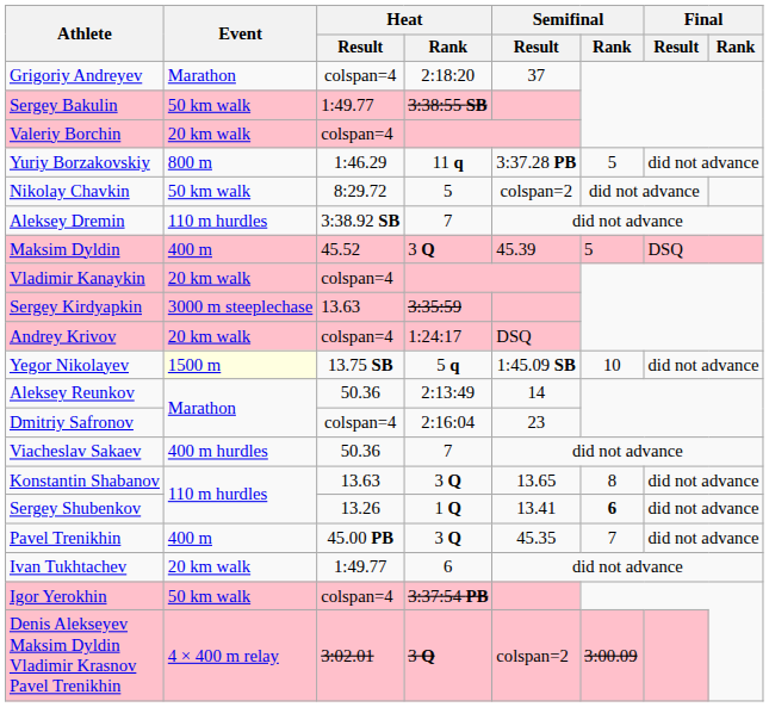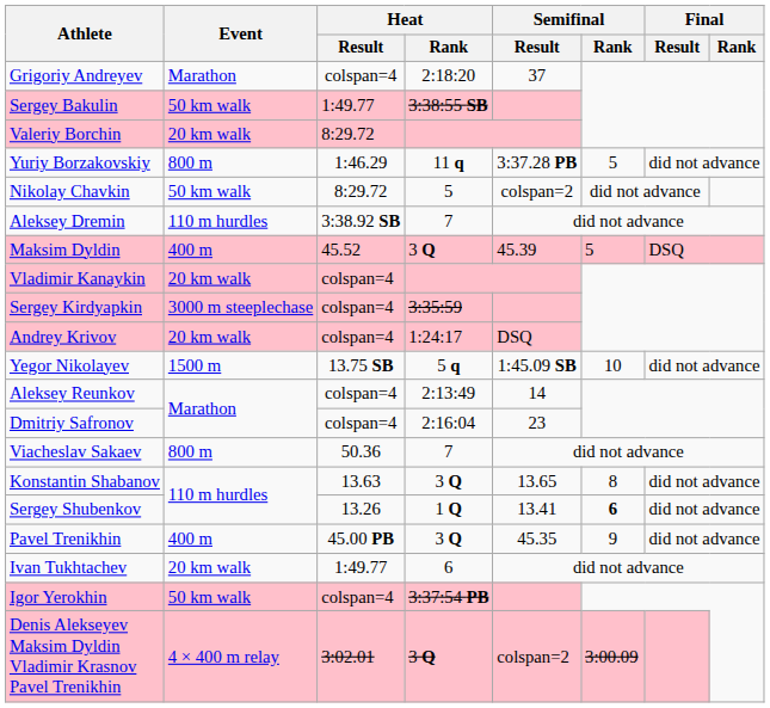 <table class="wikitable" style="font-size:90%">
 <tr>
 <th rowspan="2">Athlete</th>
 <th rowspan="2">Event</th>
 <th colspan="2">Heat</th>
 <th colspan="2">Semifinal</th>
 <th colspan="2">Final</th>
 </tr>
 <tr style="font-size:95%">
 <th>Result</th>
 <th>Rank</th>
 <th>Result</th>
 <th>Rank</th>
 <th>Result</th>
 <th>Rank</th>
 </tr>
 <tr align=center>
 <td align=left><a href='#'>Grigoriy Andreyev</a></td>
 <td align=left><a href='#'>Marathon</a></td>
 <td>colspan=4 </td>
 <td>2:18:20</td>
 <td>37</td>
 </tr>
 <tr bgcolor=pink>
 <td align=left><a href='#'>Sergey Bakulin</a></td>
 <td align=left><a href='#'>50 km walk</a></td>
 <td>1:49.77</td>
 <td><s>3:38:55 <strong>SB</strong></s></td>
 <td></td>
 </tr>
 <tr bgcolor=pink>
 <td align=left><a href='#'>Valeriy Borchin</a></td>
 <td align=left><a href='#'>20 km walk</a></td>
-<td>colspan=4 </td>
+<td>8:29.72</td>
 <td colspan=2><s></s> </td>
 </tr>
 <tr align=center>
 <td align=left><a href='#'>Yuriy Borzakovskiy</a></td>
 <td align=left><a href='#'>800 m</a></td>
 <td>1:46.29</td>
 <td>11 <strong>q</strong></td>
 <td>3:37.28 <strong>PB</strong></td>
 <td>5</td>
 <td colspan=2>did not advance</td>
 </tr>
 <tr align=center>
 <td align=left><a href='#'>Nikolay Chavkin</a></td>
 <td align=left><a href='#'>50 km walk</a></td>
 <td>8:29.72</td>
 <td>5</td>
 <td>colspan=2 </td>
 <td colspan=2>did not advance</td>
 </tr>
 <tr align=center>
 <td align=left><a href='#'>Aleksey Dremin</a></td>
 <td align=left><a href='#'>110 m hurdles</a></td>
 <td>3:38.92 <strong>SB</strong></td>
 <td>7</td>
 <td colspan=4>did not advance</td>
 </tr>
 <tr bgcolor=pink>
 <td align=left><a href='#'>Maksim Dyldin</a></td>
 <td align=left><a href='#'>400 m</a></td>
 <td>45.52</td>
 <td>3 <strong>Q</strong></td>
 <td>45.39</td>
 <td>5</td>
 <td colspan=2>DSQ</td>
 </tr>
 <tr bgcolor=pink>
 <td align=left><a href='#'>Vladimir Kanaykin</a></td>
 <td align=left><a href='#'>20 km walk</a></td>
 <td>colspan=4 </td>
 <td colspan=2></td>
 </tr>
 <tr bgcolor=pink>
 <td align=left><a href='#'>Sergey Kirdyapkin</a></td>
 <td align=left><a href='#'>3000 m steeplechase</a></td>
-<td>13.63</td>
+<td>colspan=4 </td>
 <td><s>3:35:59 </s></td>
 <td></td>
 </tr>
 <tr bgcolor=pink>
 <td align=left><a href='#'>Andrey Krivov</a></td>
 <td align=left><a href='#'>20 km walk</a></td>
 <td>colspan=4 </td>
 <td>1:24:17</td>
 <td>DSQ</td>
 </tr>
 <tr align=center>
 <td align=left><a href='#'>Yegor Nikolayev</a></td>
-<td align=left style="background: lightyellow;"><a href='#'>1500 m</a></td>
+<td align=left><a href='#'>1500 m</a></td>
 <td>13.75  <strong>SB</strong></td>
 <td>5 <strong>q</strong></td>
 <td>1:45.09  <strong>SB</strong></td>
 <td>10</td>
 <td colspan=2>did not advance</td>
 </tr>
 <tr align=center>
 <td align=left><a href='#'>Aleksey Reunkov</a></td>
 <td align=left rowspan=2><a href='#'>Marathon</a></td>
-<td>50.36</td>
+<td>colspan=4 </td>
 <td>2:13:49</td>
 <td>14</td>
 </tr>
 <tr align=center>
 <td align=left><a href='#'>Dmitriy Safronov</a></td>
 <td>colspan=4 </td>
 <td>2:16:04</td>
 <td>23</td>
 </tr>
 <tr align=center>
 <td align=left><a href='#'>Viacheslav Sakaev</a></td>
-<td align=left><a href='#'>400 m hurdles</a></td>
+<td align=left><a href='#'>800 m</a></td>
 <td>50.36</td>
 <td>7</td>
 <td colspan=4>did not advance</td>
 </tr>
 <tr align=center>
 <td align=left><a href='#'>Konstantin Shabanov</a></td>
 <td align=left rowspan=2><a href='#'>110 m hurdles</a></td>
 <td>13.63</td>
 <td>3 <strong>Q</strong></td>
 <td>13.65</td>
 <td>8</td>
 <td colspan=2>did not advance</td>
 </tr>
 <tr align=center>
 <td align=left><a href='#'>Sergey Shubenkov</a></td>
 <td>13.26</td>
 <td>1 <strong>Q</strong></td>
 <td>13.41</td>
 <td><strong>6</strong></td>
 <td colspan=2>did not advance</td>
 </tr>
 <tr align=center>
 <td align=left><a href='#'>Pavel Trenikhin</a></td>
 <td align=left><a href='#'>400 m</a></td>
 <td>45.00 <strong>PB</strong></td>
 <td>3 <strong>Q</strong></td>
 <td>45.35</td>
-<td>7</td>
+<td>9</td>
 <td colspan=2>did not advance</td>
 </tr>
 <tr align=center>
 <td align=left><a href='#'>Ivan Tukhtachev</a></td>
 <td align=left><a href='#'>20 km walk</a></td>
 <td>1:49.77</td>
 <td>6</td>
 <td colspan=4>did not advance</td>
 </tr>
 <tr bgcolor=pink>
 <td align=left><a href='#'>Igor Yerokhin</a></td>
 <td align=left><a href='#'>50 km walk</a></td>
 <td>colspan=4 </td>
 <td><s>3:37:54 <strong>PB</strong></s></td>
 <td></td>
 </tr>
 <tr bgcolor=pink>
 <td align=left><a href='#'>Denis Alekseyev</a><br><a href='#'>Maksim Dyldin</a><br><a href='#'>Vladimir Krasnov</a><br><a href='#'>Pavel Trenikhin</a></td>
 <td align=left><a href='#'>4 × 400 m relay</a></td>
 <td><s>3:02.01</s></td>
 <td><s>3 <strong>Q</strong></s></td>
 <td>colspan=2 </td>
 <td><s>3:00.09</s></td>
 <td></td>
 </tr>
 </table>
